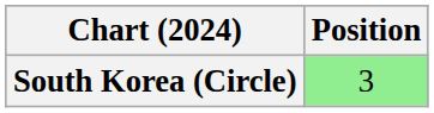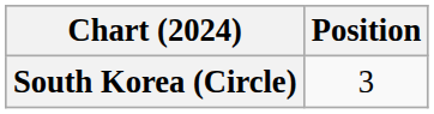 <table class="wikitable plainrowheaders" style="text-align:center">
 <tr>
 <th scope="col">Chart (2024)</th>
 <th scope="col">Position</th>
 </tr>
 <tr>
 <th scope="row">South Korea (Circle)</th>
-<td style="background: lightgreen;">3</td>
+<td>3</td>
 </tr>
 </table>
